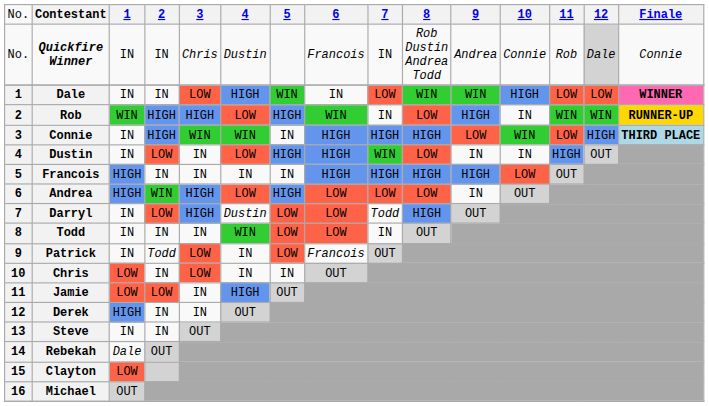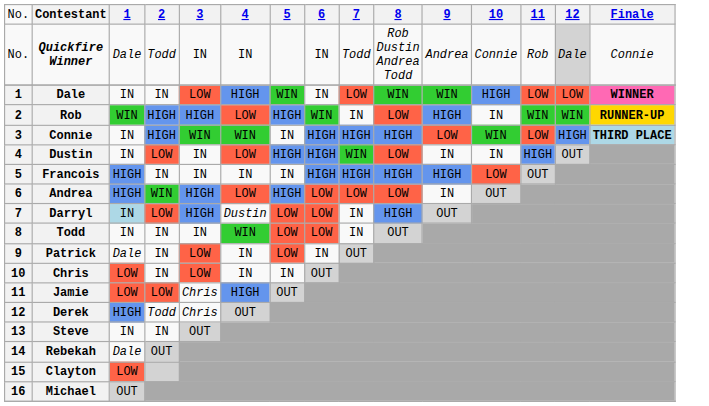 <table class="wikitable" style="text-align:center; align=center; font-size:80%">
 <tr>
 <td>No.</td>
 <th>Contestant</th>
 <th><a href='#'>1</a></th>
 <th><a href='#'>2</a></th>
 <th><a href='#'>3</a></th>
 <th><a href='#'>4</a></th>
 <th><a href='#'>5</a></th>
 <th><a href='#'>6</a></th>
 <th><a href='#'>7</a></th>
 <th><a href='#'>8</a></th>
 <th><a href='#'>9</a></th>
 <th><a href='#'>10</a></th>
 <th><a href='#'>11</a></th>
 <th><a href='#'>12</a></th>
 <th><a href='#'>Finale</a></th>
 </tr>
 <tr>
 <td>No.</td>
 <td><strong><em>Quickfire</em></strong><br><strong><em>Winner</em></strong></td>
+<td><em>Dale</em></td>
+<td><em>Todd</em></td>
 <td>IN</td>
 <td>IN</td>
-<td><em>Chris</em></td>
-<td><em>Dustin</em></td>
 <td></td>
-<td><em>Francois</em></td>
 <td>IN</td>
+<td><em>Todd</em></td>
 <td><em>Rob</em><br><em>Dustin</em><br><em>Andrea</em><br><em>Todd</em></td>
 <td><em>Andrea</em></td>
 <td><em>Connie</em></td>
 <td><em>Rob</em></td>
 <td style="background: lightgrey;"><em>Dale</em></td>
 <td><em>Connie</em></td>
 </tr>
 <tr>
 </tr>
 <tr>
 <th>1</th>
 <th>Dale</th>
 <td>IN</td>
 <td>IN</td>
 <td style="background:tomato;">LOW</td>
 <td style="background:cornflowerblue;">HIGH</td>
 <td style="background:limegreen;">WIN</td>
 <td>IN</td>
 <td style="background:tomato;">LOW</td>
 <td style="background:limegreen;">WIN</td>
 <td style="background:limegreen;">WIN</td>
 <td style="background:cornflowerblue;">HIGH</td>
 <td style="background:tomato;">LOW</td>
 <td style="background:tomato;">LOW</td>
 <td style="background:hotpink;"><strong>WINNER</strong></td>
 </tr>
 <tr>
 <th>2</th>
 <th>Rob</th>
 <td style="background:limegreen;">WIN</td>
 <td style="background:cornflowerblue;">HIGH</td>
 <td style="background:cornflowerblue;">HIGH</td>
 <td style="background:tomato;">LOW</td>
 <td style="background:cornflowerblue;">HIGH</td>
 <td style="background:limegreen;">WIN</td>
 <td>IN</td>
 <td style="background:tomato;">LOW</td>
 <td style="background:cornflowerblue;">HIGH</td>
 <td>IN</td>
 <td style="background:limegreen;">WIN</td>
 <td style="background:limegreen;">WIN</td>
 <td style="background:gold;"><strong>RUNNER-UP</strong></td>
 </tr>
 <tr>
 <th>3</th>
 <th>Connie</th>
 <td>IN</td>
 <td style="background:cornflowerblue;">HIGH</td>
 <td style="background:limegreen;">WIN</td>
 <td style="background:limegreen;">WIN</td>
 <td>IN</td>
 <td style="background:cornflowerblue;">HIGH</td>
 <td style="background:cornflowerblue;">HIGH</td>
 <td style="background:cornflowerblue;">HIGH</td>
 <td style="background:tomato;">LOW</td>
 <td style="background:limegreen;">WIN</td>
 <td style="background:tomato;">LOW</td>
 <td style="background:cornflowerblue;">HIGH</td>
 <td style="background:lightblue"><strong>THIRD PLACE</strong></td>
 </tr>
 <tr>
 <th>4</th>
 <th>Dustin</th>
 <td>IN</td>
 <td style="background:tomato;">LOW</td>
 <td>IN</td>
 <td style="background:tomato;">LOW</td>
 <td style="background:cornflowerblue;">HIGH</td>
 <td style="background:cornflowerblue;">HIGH</td>
 <td style="background:limegreen;">WIN</td>
 <td style="background:tomato;">LOW</td>
 <td>IN</td>
 <td>IN</td>
 <td style="background:cornflowerblue;">HIGH</td>
 <td style="background:lightgray;">OUT</td>
 <td bgcolor="darkgray" colspan=13></td>
 </tr>
 <tr>
 <th>5</th>
 <th>Francois</th>
 <td style="background:cornflowerblue;">HIGH</td>
 <td>IN</td>
 <td>IN</td>
 <td>IN</td>
 <td>IN</td>
 <td style="background:cornflowerblue;">HIGH</td>
 <td style="background:cornflowerblue;">HIGH</td>
 <td style="background:cornflowerblue;">HIGH</td>
 <td style="background:cornflowerblue;">HIGH</td>
 <td style="background:tomato;">LOW</td>
 <td style="background:lightgray;">OUT</td>
 <td bgcolor="darkgray" colspan=13></td>
 </tr>
 <tr>
 <th>6</th>
 <th>Andrea</th>
 <td style="background:cornflowerblue;">HIGH</td>
 <td style="background:limegreen;">WIN</td>
 <td style="background:cornflowerblue;">HIGH</td>
 <td style="background:tomato;">LOW</td>
 <td style="background:cornflowerblue;">HIGH</td>
 <td style="background:tomato;">LOW</td>
 <td style="background:tomato;">LOW</td>
 <td style="background:tomato;">LOW</td>
 <td>IN</td>
 <td style="background:lightgray;">OUT</td>
 <td bgcolor="darkgray" colspan=13></td>
 </tr>
 <tr>
 <th>7</th>
 <th>Darryl</th>
-<td>IN</td>
+<td style="background: lightblue;">IN</td>
 <td style="background:tomato;">LOW</td>
 <td style="background:cornflowerblue;">HIGH</td>
 <td><em>Dustin</em></td>
 <td style="background:tomato;">LOW</td>
 <td style="background:tomato;">LOW</td>
-<td><em>Todd</em></td>
+<td>IN</td>
 <td style="background:cornflowerblue;">HIGH</td>
 <td style="background:lightgray;">OUT</td>
 <td bgcolor="darkgray" colspan=13></td>
 </tr>
 <tr>
 <th>8</th>
 <th>Todd</th>
 <td>IN</td>
 <td>IN</td>
 <td>IN</td>
 <td style="background:limegreen;">WIN</td>
 <td style="background:tomato;">LOW</td>
 <td style="background:tomato;">LOW</td>
 <td>IN</td>
 <td style="background:lightgray;">OUT</td>
 <td bgcolor="darkgray" colspan=13></td>
 </tr>
 <tr>
 <th>9</th>
 <th>Patrick</th>
+<td><em>Dale</em></td>
 <td>IN</td>
-<td><em>Todd</em></td>
 <td style="background:tomato;">LOW</td>
 <td>IN</td>
 <td style="background:tomato;">LOW</td>
-<td><em>Francois</em></td>
+<td>IN</td>
 <td style="background:lightgray;">OUT</td>
 <td bgcolor="darkgray" colspan=13></td>
 </tr>
 <tr>
 <th>10</th>
 <th>Chris</th>
 <td style="background:tomato;">LOW</td>
 <td>IN</td>
 <td style="background:tomato;">LOW</td>
 <td>IN</td>
 <td>IN</td>
 <td style="background:lightgray;">OUT</td>
 <td bgcolor="darkgray" colspan=13></td>
 </tr>
 <tr>
 <th>11</th>
 <th>Jamie</th>
 <td style="background:tomato;">LOW</td>
 <td style="background:tomato;">LOW</td>
-<td>IN</td>
+<td><em>Chris</em></td>
 <td style="background:cornflowerblue;">HIGH</td>
 <td style="background:lightgray;">OUT</td>
 <td bgcolor="darkgray" colspan=13></td>
 </tr>
 <tr>
 <th>12</th>
 <th>Derek</th>
 <td style="background:cornflowerblue;">HIGH</td>
-<td>IN</td>
-<td>IN</td>
+<td><em>Todd</em></td>
+<td><em>Chris</em></td>
 <td style="background:lightgray;">OUT</td>
 <td bgcolor="darkgray" colspan=13></td>
 </tr>
 <tr>
 <th>13</th>
 <th>Steve</th>
 <td>IN</td>
 <td>IN</td>
 <td style="background:lightgray;">OUT</td>
 <td bgcolor="darkgray" colspan=13></td>
 </tr>
 <tr>
 <th>14</th>
 <th>Rebekah</th>
 <td><em>Dale</em></td>
 <td style="background:lightgray;">OUT</td>
 <td bgcolor="darkgray" colspan=13></td>
 </tr>
 <tr>
 <th>15</th>
 <th>Clayton</th>
 <td style="background:tomato;">LOW</td>
 <td style="background:lightgray;"></td>
 <td bgcolor="darkgray" colspan=13></td>
 </tr>
 <tr>
 <th>16</th>
 <th>Michael</th>
 <td style="background:lightgray;">OUT</td>
 <td bgcolor="darkgray" colspan=13></td>
 </tr>
 <tr>
 </tr>
 </table>
